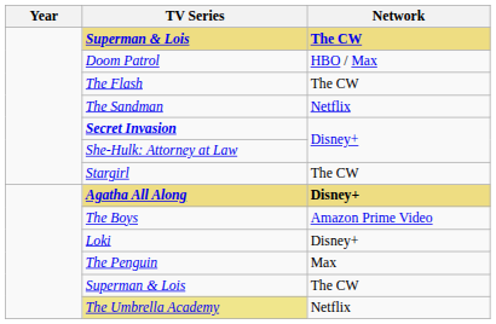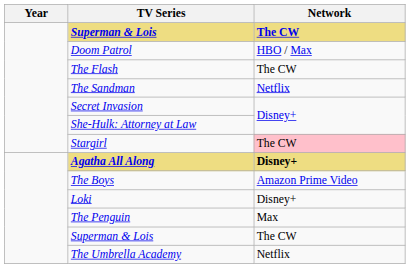 <table class="wikitable" width="550px">
 <tr>
 <th width="80px">Year</th>
 <th>TV Series</th>
 <th>Network</th>
 </tr>
 <tr>
 <td rowspan="7"></td>
 <td style="background:#EEDD82"><strong><em><a href='#'>Superman & Lois</a></em></strong></td>
 <td style="background:#EEDD82"><strong><a href='#'>The CW</a></strong></td>
 </tr>
 <tr>
 <td><em><a href='#'>Doom Patrol</a></em></td>
 <td><a href='#'>HBO</a> / <a href='#'>Max</a></td>
 </tr>
 <tr>
 <td><em><a href='#'>The Flash</a></em></td>
 <td>The CW</td>
 </tr>
 <tr>
 <td><em><a href='#'>The Sandman</a></em></td>
 <td><a href='#'>Netflix</a></td>
 </tr>
 <tr>
-<td><strong><em><a href='#'>Secret Invasion</a></em></strong></td>
+<td><em><a href='#'>Secret Invasion</a></em></td>
 <td rowspan="2"><a href='#'>Disney+</a></td>
 </tr>
 <tr>
 <td><em><a href='#'>She-Hulk: Attorney at Law</a></em></td>
 </tr>
 <tr>
 <td><em><a href='#'>Stargirl</a></em></td>
-<td>The CW</td>
+<td style="background: pink;">The CW</td>
 </tr>
 <tr>
 <td rowspan="7"></td>
 <td style="background:#EEDD82"><strong><em><a href='#'>Agatha All Along</a></em></strong></td>
 <td style="background:#EEDD82"><strong>Disney+</strong></td>
 </tr>
 <tr>
 <td><em><a href='#'>The Boys</a></em></td>
 <td><a href='#'>Amazon Prime Video</a></td>
 </tr>
 <tr>
 <td><em><a href='#'>Loki</a></em></td>
 <td>Disney+</td>
 </tr>
 <tr>
 <td><em><a href='#'>The Penguin</a></em></td>
 <td>Max</td>
 </tr>
 <tr>
 <td><em><a href='#'>Superman & Lois</a></em></td>
 <td>The CW</td>
 </tr>
 <tr>
-<td style="background: khaki;"><em><a href='#'>The Umbrella Academy</a></em></td>
+<td><em><a href='#'>The Umbrella Academy</a></em></td>
 <td>Netflix</td>
 </tr>
 </table>
